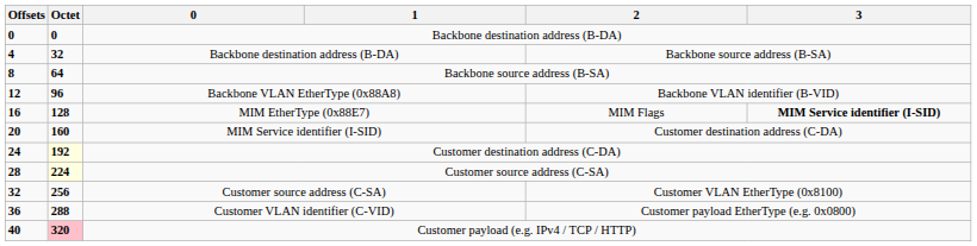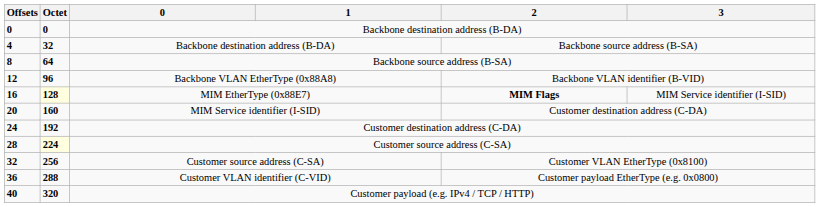 <table class=wikitable>
 <tr>
 <th>Offsets</th>
 <th>Octet</th>
 <th style=width:25%>0</th>
 <th style=width:25%>1</th>
 <th style=width:25%>2</th>
 <th style=width:25%>3</th>
 </tr>
 <tr>
 <td><strong>0</strong></td>
 <td><strong>0</strong></td>
 <td colspan="4" style="text-align: center;">Backbone destination address (B-DA)</td>
 </tr>
 <tr>
 <td><strong>4</strong></td>
 <td><strong>32</strong></td>
 <td colspan="2" style="text-align: center;">Backbone destination address (B-DA)</td>
 <td colspan="2" style="text-align: center;">Backbone source address (B-SA)</td>
 </tr>
 <tr>
 <td><strong>8</strong></td>
 <td><strong>64</strong></td>
 <td colspan="4" style="text-align: center;">Backbone source address (B-SA)</td>
 </tr>
 <tr>
 <td><strong>12</strong></td>
 <td><strong>96</strong></td>
 <td colspan="2" style="text-align: center;">Backbone VLAN EtherType (0x88A8)</td>
 <td colspan="2" style="text-align: center;">Backbone VLAN identifier (B-VID)</td>
 </tr>
 <tr>
 <td><strong>16</strong></td>
-<td><strong>128</strong></td>
+<td style="background: lightyellow;"><strong>128</strong></td>
 <td colspan="2" style="text-align: center;">MIM EtherType (0x88E7)</td>
-<td style="text-align: center;">MIM Flags</td>
-<td style="text-align: center;"><strong>MIM Service identifier (I-SID)</strong></td>
+<td style="text-align: center;"><strong>MIM Flags</strong></td>
+<td style="text-align: center;">MIM Service identifier (I-SID)</td>
 </tr>
 <tr>
 <td><strong>20</strong></td>
 <td><strong>160</strong></td>
 <td colspan="2" style="text-align: center;">MIM Service identifier (I-SID)</td>
 <td colspan="2" style="text-align: center;">Customer destination address (C-DA)</td>
 </tr>
 <tr>
 <td><strong>24</strong></td>
-<td style="background: lightyellow;"><strong>192</strong></td>
+<td><strong>192</strong></td>
 <td colspan="4" style="text-align: center;">Customer destination address (C-DA)</td>
 </tr>
 <tr>
 <td><strong>28</strong></td>
 <td style="background: lightyellow;"><strong>224</strong></td>
 <td colspan="4" style="text-align: center;">Customer source address (C-SA)</td>
 </tr>
 <tr>
 <td><strong>32</strong></td>
 <td><strong>256</strong></td>
 <td colspan="2" style="text-align: center;">Customer source address (C-SA)</td>
 <td colspan="2" style="text-align: center;">Customer VLAN EtherType (0x8100)</td>
 </tr>
 <tr>
 <td><strong>36</strong></td>
 <td><strong>288</strong></td>
 <td colspan="2" style="text-align: center;">Customer VLAN identifier (C-VID)</td>
 <td colspan="2" style="text-align: center;">Customer payload EtherType (e.g. 0x0800)</td>
 </tr>
 <tr>
 <td><strong>40</strong></td>
-<td style="background: pink;"><strong>320</strong></td>
+<td><strong>320</strong></td>
 <td colspan="4" style="text-align: center;">Customer payload (e.g. IPv4 / TCP / HTTP)</td>
 </tr>
 </table>
